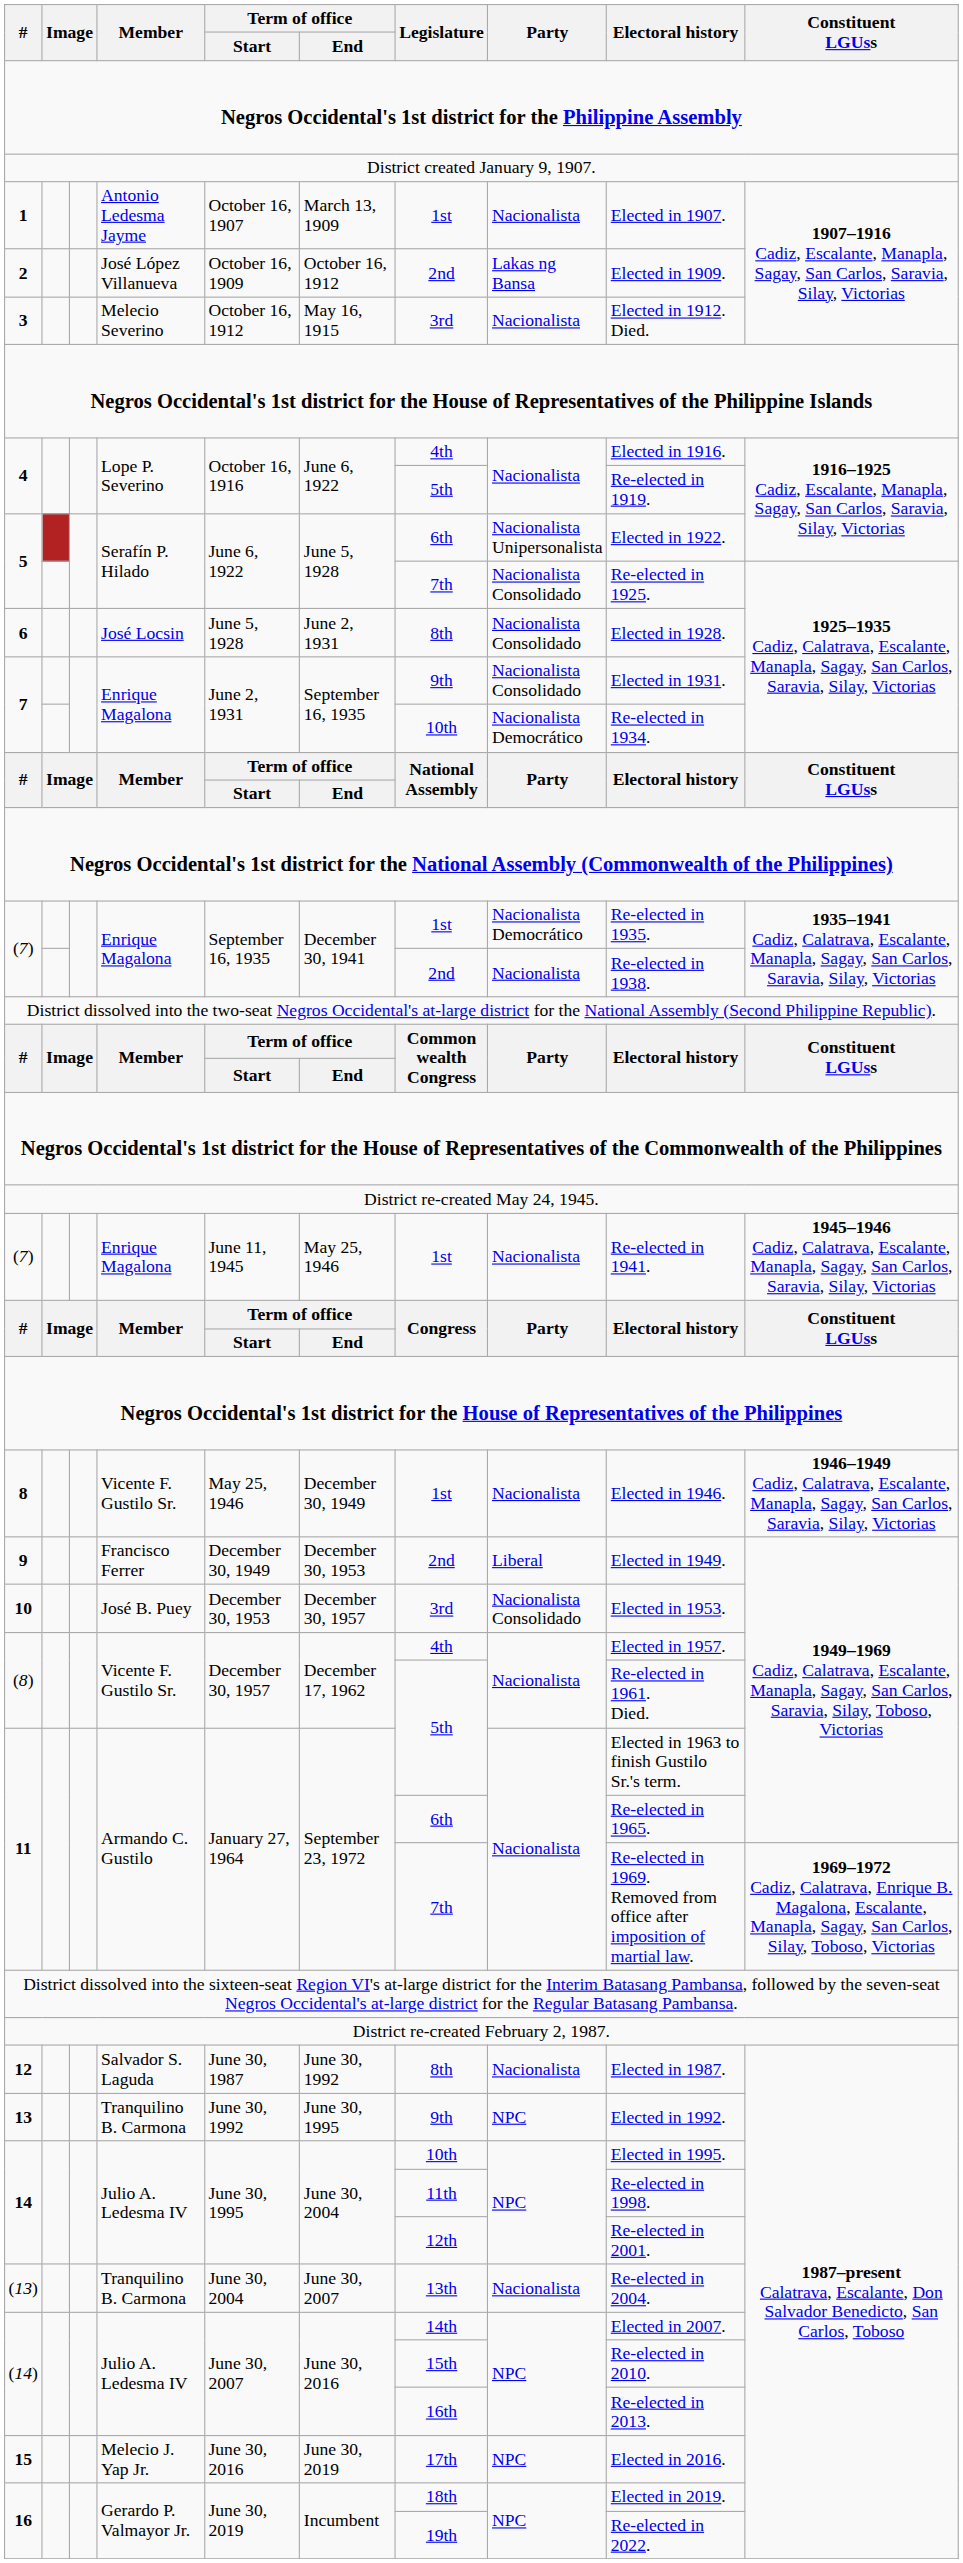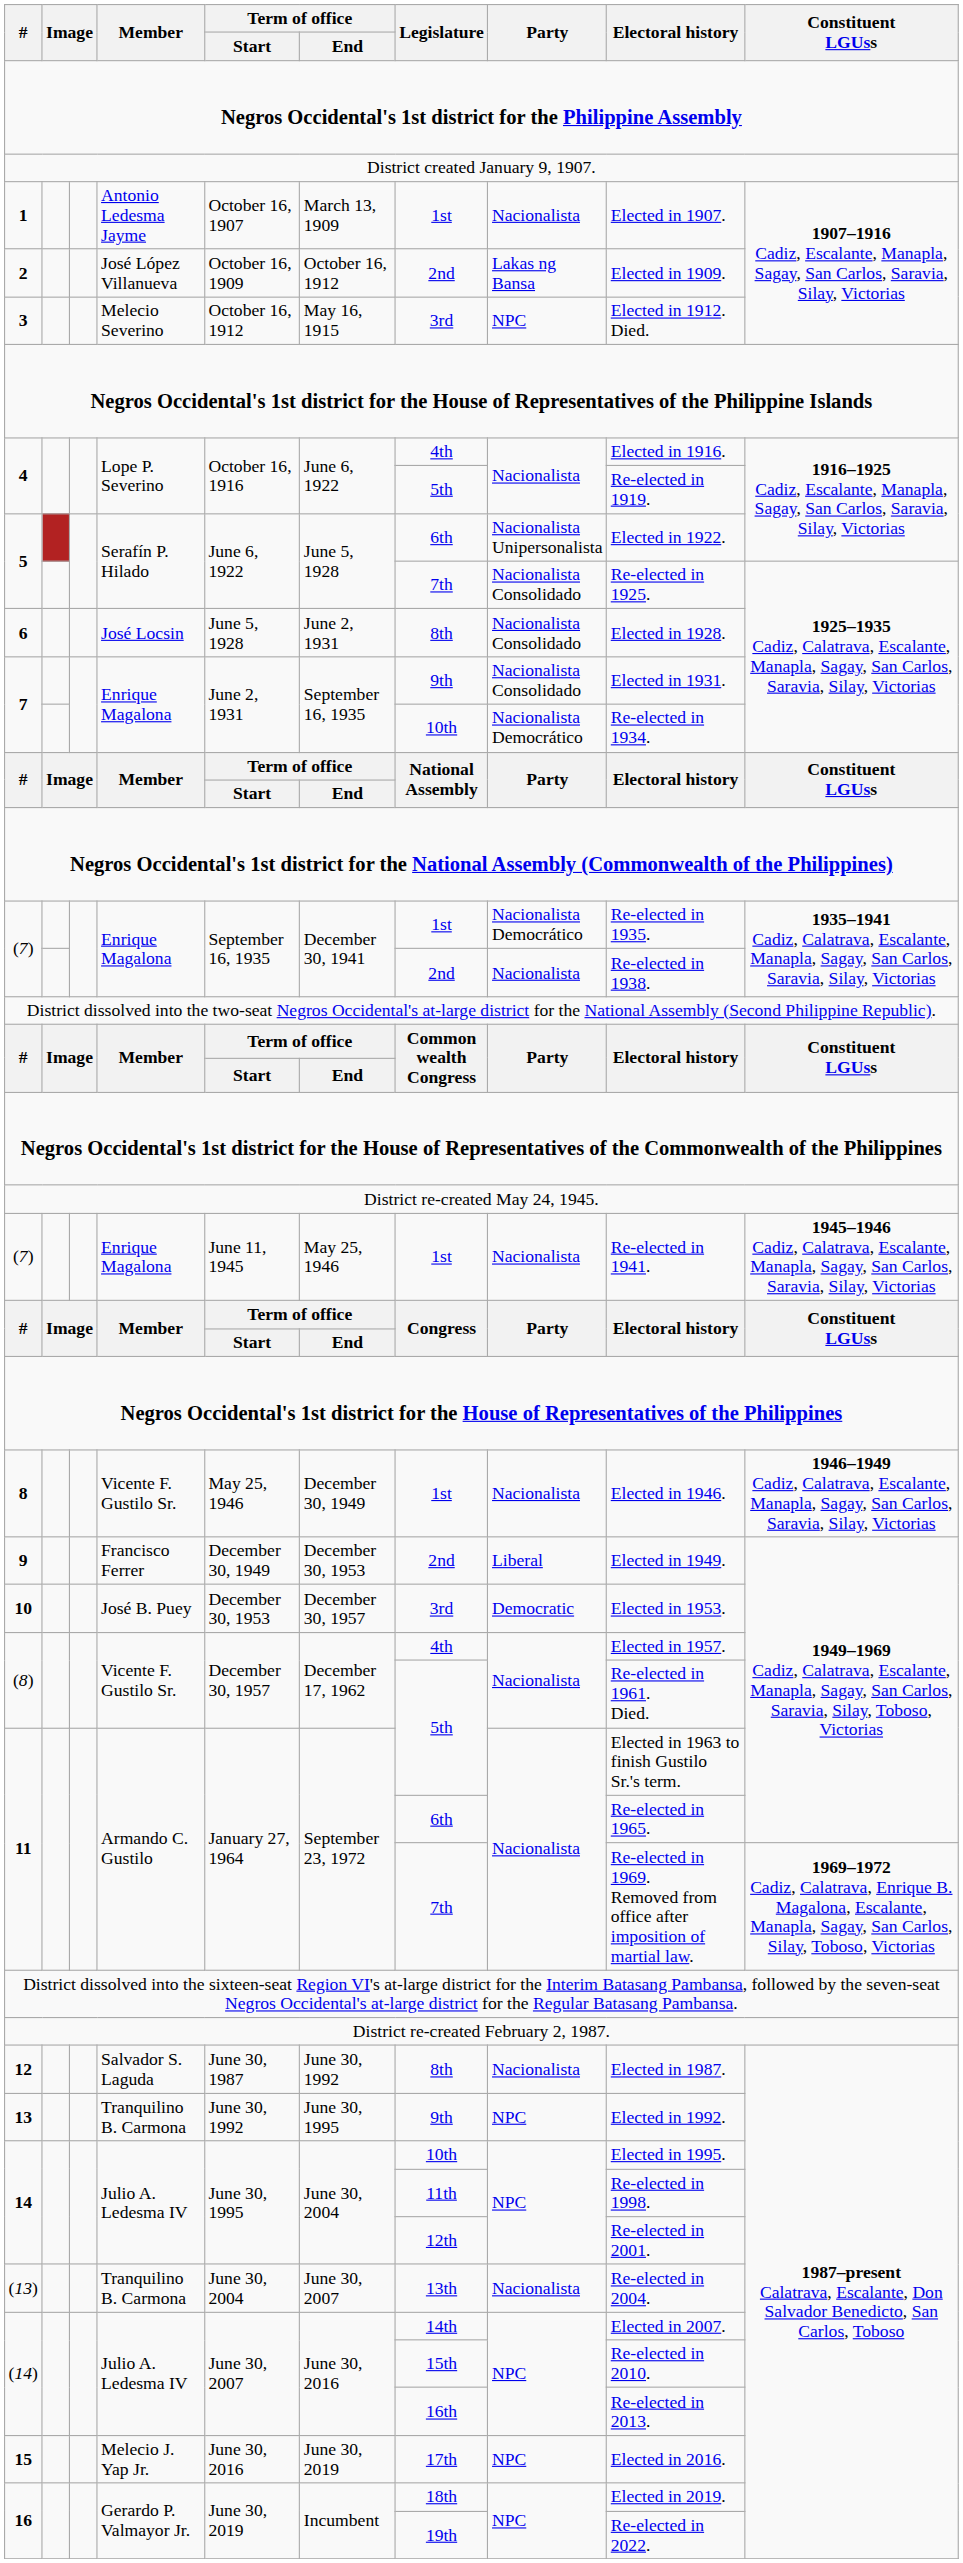 <table class=wikitable>
 <tr>
 <th rowspan="2">#</th>
 <th rowspan="2" colspan=2>Image</th>
 <th rowspan="2">Member</th>
 <th colspan=2>Term of office</th>
 <th rowspan="2">Legislature</th>
 <th rowspan="2">Party</th>
 <th rowspan="2">Electoral history</th>
 <th rowspan="2">Constituent<br><a href='#'>LGUs</a>s</th>
 </tr>
 <tr>
 <th>Start</th>
 <th>End</th>
 </tr>
 <tr>
 <td colspan="10" style="text-align:center;"><br><h3>Negros Occidental's 1st district for the <a href='#'>Philippine Assembly</a></h3></td>
 </tr>
 <tr>
 <td colspan="10" style="text-align:center;">District created January 9, 1907.</td>
 </tr>
 <tr>
 <td style="text-align:center;"><strong>1</strong></td>
 <td style="color:inherit;background:"></td>
 <td></td>
 <td><a href='#'>Antonio Ledesma Jayme</a></td>
 <td>October 16, 1907</td>
 <td>March 13, 1909</td>
 <td style="text-align:center;"><a href='#'>1st</a></td>
 <td><a href='#'>Nacionalista</a></td>
 <td><a href='#'>Elected in 1907</a>.</td>
 <td rowspan="3" style="text-align:center;"><strong>1907–1916</strong><br><a href='#'>Cadiz</a>, <a href='#'>Escalante</a>, <a href='#'>Manapla</a>, <a href='#'>Sagay</a>, <a href='#'>San Carlos</a>, <a href='#'>Saravia</a>, <a href='#'>Silay</a>, <a href='#'>Victorias</a></td>
 </tr>
 <tr>
 <td style="text-align:center;"><strong>2</strong></td>
 <td style="color:inherit;background:"></td>
 <td></td>
 <td>José López Villanueva</td>
 <td>October 16, 1909</td>
 <td>October 16, 1912</td>
 <td style="text-align:center;"><a href='#'>2nd</a></td>
 <td><a href='#'>Lakas ng Bansa</a></td>
 <td><a href='#'>Elected in 1909</a>.</td>
 </tr>
 <tr>
 <td style="text-align:center;"><strong>3</strong></td>
 <td style="color:inherit;background:"></td>
 <td></td>
 <td>Melecio Severino</td>
 <td>October 16, 1912</td>
 <td>May 16, 1915</td>
 <td style="text-align:center;"><a href='#'>3rd</a></td>
-<td><a href='#'>Nacionalista</a></td>
+<td><a href='#'>NPC</a></td>
 <td><a href='#'>Elected in 1912</a>.<br>Died.</td>
 </tr>
 <tr>
 <td colspan="10" style="text-align:center;"><br><h3>Negros Occidental's 1st district for the House of Representatives of the Philippine Islands</h3></td>
 </tr>
 <tr>
 <td rowspan="2" style="text-align:center;"><strong>4</strong></td>
 <td rowspan="2" style="color:inherit;background:"></td>
 <td rowspan="2"></td>
 <td rowspan="2">Lope P. Severino</td>
 <td rowspan="2">October 16, 1916</td>
 <td rowspan="2">June 6, 1922</td>
 <td style="text-align:center;"><a href='#'>4th</a></td>
 <td rowspan="2"><a href='#'>Nacionalista</a></td>
 <td><a href='#'>Elected in 1916</a>.</td>
 <td rowspan="3" style="text-align:center;"><strong>1916–1925</strong><br><a href='#'>Cadiz</a>, <a href='#'>Escalante</a>, <a href='#'>Manapla</a>, <a href='#'>Sagay</a>, <a href='#'>San Carlos</a>, <a href='#'>Saravia</a>, <a href='#'>Silay</a>, <a href='#'>Victorias</a></td>
 </tr>
 <tr>
 <td style="text-align:center;"><a href='#'>5th</a></td>
 <td><a href='#'>Re-elected in 1919</a>.</td>
 </tr>
 <tr>
 <td rowspan="2" style="text-align:center;"><strong>5</strong></td>
 <td style="background-color:#B22222"></td>
 <td rowspan="2"></td>
 <td rowspan="2">Serafín P. Hilado</td>
 <td rowspan="2">June 6, 1922</td>
 <td rowspan="2">June 5, 1928</td>
 <td style="text-align:center;"><a href='#'>6th</a></td>
 <td><a href='#'>Nacionalista</a><br>Unipersonalista</td>
 <td><a href='#'>Elected in 1922</a>.</td>
 </tr>
 <tr>
 <td style="color:inherit;background:"></td>
 <td style="text-align:center;"><a href='#'>7th</a></td>
 <td><a href='#'>Nacionalista</a><br>Consolidado</td>
 <td><a href='#'>Re-elected in 1925</a>.</td>
 <td rowspan="4" style="text-align:center;"><strong>1925–1935</strong><br><a href='#'>Cadiz</a>, <a href='#'>Calatrava</a>, <a href='#'>Escalante</a>, <a href='#'>Manapla</a>, <a href='#'>Sagay</a>, <a href='#'>San Carlos</a>, <a href='#'>Saravia</a>, <a href='#'>Silay</a>, <a href='#'>Victorias</a></td>
 </tr>
 <tr>
 <td style="text-align:center;"><strong>6</strong></td>
 <td style="color:inherit;background:"></td>
 <td></td>
 <td><a href='#'>José Locsin</a></td>
 <td>June 5, 1928</td>
 <td>June 2, 1931</td>
 <td style="text-align:center;"><a href='#'>8th</a></td>
 <td><a href='#'>Nacionalista</a><br>Consolidado</td>
 <td><a href='#'>Elected in 1928</a>.</td>
 </tr>
 <tr>
 <td rowspan="2" style="text-align:center;"><strong>7</strong></td>
 <td style="color:inherit;background:"></td>
 <td rowspan="2"></td>
 <td rowspan="2"><a href='#'>Enrique Magalona</a></td>
 <td rowspan="2">June 2, 1931</td>
 <td rowspan="2">September 16, 1935</td>
 <td style="text-align:center;"><a href='#'>9th</a></td>
 <td><a href='#'>Nacionalista</a><br>Consolidado</td>
 <td><a href='#'>Elected in 1931</a>.</td>
 </tr>
 <tr>
 <td style="color:inherit;background:"></td>
 <td style="text-align:center;"><a href='#'>10th</a></td>
 <td><a href='#'>Nacionalista</a><br>Democrático</td>
 <td><a href='#'>Re-elected in 1934</a>.</td>
 </tr>
 <tr>
 <th rowspan="2">#</th>
 <th rowspan="2" colspan=2>Image</th>
 <th rowspan="2">Member</th>
 <th colspan=2>Term of office</th>
 <th rowspan="2">National<br>Assembly</th>
 <th rowspan="2">Party</th>
 <th rowspan="2">Electoral history</th>
 <th rowspan="2">Constituent<br><a href='#'>LGUs</a>s</th>
 </tr>
 <tr>
 <th>Start</th>
 <th>End</th>
 </tr>
 <tr>
 <td colspan="10" style="text-align:center;"><br><h3>Negros Occidental's 1st district for the <a href='#'>National Assembly (Commonwealth of the Philippines)</a></h3></td>
 </tr>
 <tr>
 <td rowspan="2" style="text-align:center;">(<em>7</em>)</td>
 <td style="color:inherit;background:"></td>
 <td rowspan="2"></td>
 <td rowspan="2"><a href='#'>Enrique Magalona</a></td>
 <td rowspan="2">September 16, 1935</td>
 <td rowspan="2">December 30, 1941</td>
 <td style="text-align:center;"><a href='#'>1st</a></td>
 <td><a href='#'>Nacionalista</a><br>Democrático</td>
 <td><a href='#'>Re-elected in 1935</a>.</td>
 <td rowspan="2" style="text-align:center;"><strong>1935–1941</strong><br><a href='#'>Cadiz</a>, <a href='#'>Calatrava</a>, <a href='#'>Escalante</a>, <a href='#'>Manapla</a>, <a href='#'>Sagay</a>, <a href='#'>San Carlos</a>, <a href='#'>Saravia</a>, <a href='#'>Silay</a>, <a href='#'>Victorias</a></td>
 </tr>
 <tr>
 <td style="color:inherit;background:"></td>
 <td style="text-align:center;"><a href='#'>2nd</a></td>
 <td><a href='#'>Nacionalista</a></td>
 <td><a href='#'>Re-elected in 1938</a>.</td>
 </tr>
 <tr>
 <td colspan="10" style="text-align:center;">District dissolved into the two-seat <a href='#'>Negros Occidental's at-large district</a> for the <a href='#'>National Assembly (Second Philippine Republic)</a>.</td>
 </tr>
 <tr>
 <th rowspan="2">#</th>
 <th rowspan="2" colspan=2>Image</th>
 <th rowspan="2">Member</th>
 <th colspan=2>Term of office</th>
 <th rowspan="2">Common<br>wealth<br>Congress</th>
 <th rowspan="2">Party</th>
 <th rowspan="2">Electoral history</th>
 <th rowspan="2">Constituent<br><a href='#'>LGUs</a>s</th>
 </tr>
 <tr>
 <th>Start</th>
 <th>End</th>
 </tr>
 <tr>
 <td colspan="10" style="text-align:center;"><br><h3>Negros Occidental's 1st district for the House of Representatives of the Commonwealth of the Philippines</h3></td>
 </tr>
 <tr>
 <td colspan="10" style="text-align:center;">District re-created May 24, 1945.</td>
 </tr>
 <tr>
 <td style="text-align:center;">(<em>7</em>)</td>
 <td style="color:inherit;background:"></td>
 <td></td>
 <td><a href='#'>Enrique Magalona</a></td>
 <td>June 11, 1945</td>
 <td>May 25, 1946</td>
 <td style="text-align:center;"><a href='#'>1st</a></td>
 <td><a href='#'>Nacionalista</a></td>
 <td><a href='#'>Re-elected in 1941</a>.</td>
 <td style="text-align:center;"><strong>1945–1946</strong><br><a href='#'>Cadiz</a>, <a href='#'>Calatrava</a>, <a href='#'>Escalante</a>, <a href='#'>Manapla</a>, <a href='#'>Sagay</a>, <a href='#'>San Carlos</a>, <a href='#'>Saravia</a>, <a href='#'>Silay</a>, <a href='#'>Victorias</a></td>
 </tr>
 <tr>
 <th rowspan="2">#</th>
 <th rowspan="2" colspan=2>Image</th>
 <th rowspan="2">Member</th>
 <th colspan=2>Term of office</th>
 <th rowspan="2">Congress</th>
 <th rowspan="2">Party</th>
 <th rowspan="2">Electoral history</th>
 <th rowspan="2">Constituent<br><a href='#'>LGUs</a>s</th>
 </tr>
 <tr>
 <th>Start</th>
 <th>End</th>
 </tr>
 <tr>
 <td colspan="10" style="text-align:center;"><br><h3>Negros Occidental's 1st district for the <a href='#'>House of Representatives of the Philippines</a></h3></td>
 </tr>
 <tr>
 <td style="text-align:center;"><strong>8</strong></td>
 <td style="color:inherit;background:"></td>
 <td></td>
 <td>Vicente F. Gustilo Sr.</td>
 <td>May 25, 1946</td>
 <td>December 30, 1949</td>
 <td style="text-align:center;"><a href='#'>1st</a></td>
 <td><a href='#'>Nacionalista</a></td>
 <td><a href='#'>Elected in 1946</a>.</td>
 <td style="text-align:center;"><strong>1946–1949</strong><br><a href='#'>Cadiz</a>, <a href='#'>Calatrava</a>, <a href='#'>Escalante</a>, <a href='#'>Manapla</a>, <a href='#'>Sagay</a>, <a href='#'>San Carlos</a>, <a href='#'>Saravia</a>, <a href='#'>Silay</a>, <a href='#'>Victorias</a></td>
 </tr>
 <tr>
 <td style="text-align:center;"><strong>9</strong></td>
 <td style="color:inherit;background:"></td>
 <td></td>
 <td>Francisco Ferrer</td>
 <td>December 30, 1949</td>
 <td>December 30, 1953</td>
 <td style="text-align:center;"><a href='#'>2nd</a></td>
 <td><a href='#'>Liberal</a></td>
 <td><a href='#'>Elected in 1949</a>.</td>
 <td rowspan="6" style="text-align:center;"><strong>1949–1969</strong><br><a href='#'>Cadiz</a>, <a href='#'>Calatrava</a>, <a href='#'>Escalante</a>, <a href='#'>Manapla</a>, <a href='#'>Sagay</a>, <a href='#'>San Carlos</a>, <a href='#'>Saravia</a>, <a href='#'>Silay</a>, <a href='#'>Toboso</a>, <a href='#'>Victorias</a></td>
 </tr>
 <tr>
 <td style="text-align:center;"><strong>10</strong></td>
 <td style="color:inherit;background:"></td>
 <td></td>
 <td>José B. Puey</td>
 <td>December 30, 1953</td>
 <td>December 30, 1957</td>
 <td style="text-align:center;"><a href='#'>3rd</a></td>
-<td><a href='#'>Nacionalista</a><br>Consolidado</td>
+<td><a href='#'>Democratic</a></td>
 <td><a href='#'>Elected in 1953</a>.</td>
 </tr>
 <tr>
 <td rowspan="2" style="text-align:center;">(<em>8</em>)</td>
 <td rowspan="2" style="color:inherit;background:"></td>
 <td rowspan="2"></td>
 <td rowspan="2">Vicente F. Gustilo Sr.</td>
 <td rowspan="2">December 30, 1957</td>
 <td rowspan="2">December 17, 1962</td>
 <td style="text-align:center;"><a href='#'>4th</a></td>
 <td rowspan="2"><a href='#'>Nacionalista</a></td>
 <td><a href='#'>Elected in 1957</a>.</td>
 </tr>
 <tr>
 <td rowspan="2" style="text-align:center;"><a href='#'>5th</a></td>
 <td><a href='#'>Re-elected in 1961</a>.<br>Died.</td>
 </tr>
 <tr>
 <td rowspan="3" style="text-align:center;"><strong>11</strong></td>
 <td rowspan="3" style="color:inherit;background:"></td>
 <td rowspan="3"></td>
 <td rowspan="3">Armando C. Gustilo</td>
 <td rowspan="3">January 27, 1964</td>
 <td rowspan="3">September 23, 1972</td>
 <td rowspan="3"><a href='#'>Nacionalista</a></td>
 <td>Elected in 1963 to finish Gustilo Sr.'s term.</td>
 </tr>
 <tr>
 <td style="text-align:center;"><a href='#'>6th</a></td>
 <td><a href='#'>Re-elected in 1965</a>.</td>
 </tr>
 <tr>
 <td style="text-align:center;"><a href='#'>7th</a></td>
 <td><a href='#'>Re-elected in 1969</a>.<br>Removed from office after <a href='#'>imposition of martial law</a>.</td>
 <td style="text-align:center;"><strong>1969–1972</strong><br><a href='#'>Cadiz</a>, <a href='#'>Calatrava</a>, <a href='#'>Enrique B. Magalona</a>, <a href='#'>Escalante</a>, <a href='#'>Manapla</a>, <a href='#'>Sagay</a>, <a href='#'>San Carlos</a>, <a href='#'>Silay</a>, <a href='#'>Toboso</a>, <a href='#'>Victorias</a></td>
 </tr>
 <tr>
 <td colspan="10" style="text-align:center;">District dissolved into the sixteen-seat <a href='#'>Region VI</a>'s at-large district for the <a href='#'>Interim Batasang Pambansa</a>, followed by the seven-seat <a href='#'>Negros Occidental's at-large district</a> for the <a href='#'>Regular Batasang Pambansa</a>.</td>
 </tr>
 <tr>
 <td colspan="10" style="text-align:center;">District re-created February 2, 1987.</td>
 </tr>
 <tr>
 <td style="text-align:center;"><strong>12</strong></td>
 <td style="color:inherit;background:"></td>
 <td></td>
 <td>Salvador S. Laguda</td>
 <td>June 30, 1987</td>
 <td>June 30, 1992</td>
 <td style="text-align:center;"><a href='#'>8th</a></td>
 <td><a href='#'>Nacionalista</a></td>
 <td><a href='#'>Elected in 1987</a>.</td>
 <td rowspan="12" style="text-align:center;"><strong>1987–present</strong><br><a href='#'>Calatrava</a>, <a href='#'>Escalante</a>, <a href='#'>Don Salvador Benedicto</a>, <a href='#'>San Carlos</a>, <a href='#'>Toboso</a></td>
 </tr>
 <tr>
 <td style="text-align:center;"><strong>13</strong></td>
 <td style="color:inherit;background:"></td>
 <td></td>
 <td>Tranquilino B. Carmona</td>
 <td>June 30, 1992</td>
 <td>June 30, 1995</td>
 <td style="text-align:center;"><a href='#'>9th</a></td>
 <td><a href='#'>NPC</a></td>
 <td><a href='#'>Elected in 1992</a>.</td>
 </tr>
 <tr>
 <td rowspan="3" style="text-align:center;"><strong>14</strong></td>
 <td rowspan="3" style="color:inherit;background:"></td>
 <td rowspan="3"></td>
 <td rowspan="3">Julio A. Ledesma IV</td>
 <td rowspan="3">June 30, 1995</td>
 <td rowspan="3">June 30, 2004</td>
 <td style="text-align:center;"><a href='#'>10th</a></td>
 <td rowspan="3"><a href='#'>NPC</a></td>
 <td><a href='#'>Elected in 1995</a>.</td>
 </tr>
 <tr>
 <td style="text-align:center;"><a href='#'>11th</a></td>
 <td><a href='#'>Re-elected in 1998</a>.</td>
 </tr>
 <tr>
 <td style="text-align:center;"><a href='#'>12th</a></td>
 <td><a href='#'>Re-elected in 2001</a>.</td>
 </tr>
 <tr>
 <td style="text-align:center;">(<em>13</em>)</td>
 <td style="color:inherit;background:"></td>
 <td></td>
 <td>Tranquilino B. Carmona</td>
 <td>June 30, 2004</td>
 <td>June 30, 2007</td>
 <td style="text-align:center;"><a href='#'>13th</a></td>
 <td><a href='#'>Nacionalista</a></td>
 <td><a href='#'>Re-elected in 2004</a>.</td>
 </tr>
 <tr>
 <td rowspan="3" style="text-align:center;">(<em>14</em>)</td>
 <td rowspan="3" style="color:inherit;background:"></td>
 <td rowspan="3"></td>
 <td rowspan="3">Julio A. Ledesma IV</td>
 <td rowspan="3">June 30, 2007</td>
 <td rowspan="3">June 30, 2016</td>
 <td style="text-align:center;"><a href='#'>14th</a></td>
 <td rowspan="3"><a href='#'>NPC</a></td>
 <td><a href='#'>Elected in 2007</a>.</td>
 </tr>
 <tr>
 <td style="text-align:center;"><a href='#'>15th</a></td>
 <td><a href='#'>Re-elected in 2010</a>.</td>
 </tr>
 <tr>
 <td style="text-align:center;"><a href='#'>16th</a></td>
 <td><a href='#'>Re-elected in 2013</a>.</td>
 </tr>
 <tr>
 <td style="text-align:center;"><strong>15</strong></td>
 <td style="color:inherit;background:"></td>
 <td></td>
 <td>Melecio J. Yap Jr.</td>
 <td>June 30, 2016</td>
 <td>June 30, 2019</td>
 <td style="text-align:center;"><a href='#'>17th</a></td>
 <td><a href='#'>NPC</a></td>
 <td><a href='#'>Elected in 2016</a>.</td>
 </tr>
 <tr>
 <td rowspan="2" style="text-align:center;"><strong>16</strong></td>
 <td rowspan="2" style="color:inherit;background:"></td>
 <td rowspan="2"></td>
 <td rowspan="2">Gerardo P. Valmayor Jr.</td>
 <td rowspan="2">June 30, 2019</td>
 <td rowspan="2">Incumbent</td>
 <td style="text-align:center;"><a href='#'>18th</a></td>
 <td rowspan="2"><a href='#'>NPC</a></td>
 <td><a href='#'>Elected in 2019</a>.</td>
 </tr>
 <tr>
 <td style="text-align:center;"><a href='#'>19th</a></td>
 <td><a href='#'>Re-elected in 2022</a>.</td>
 </tr>
 </table>
